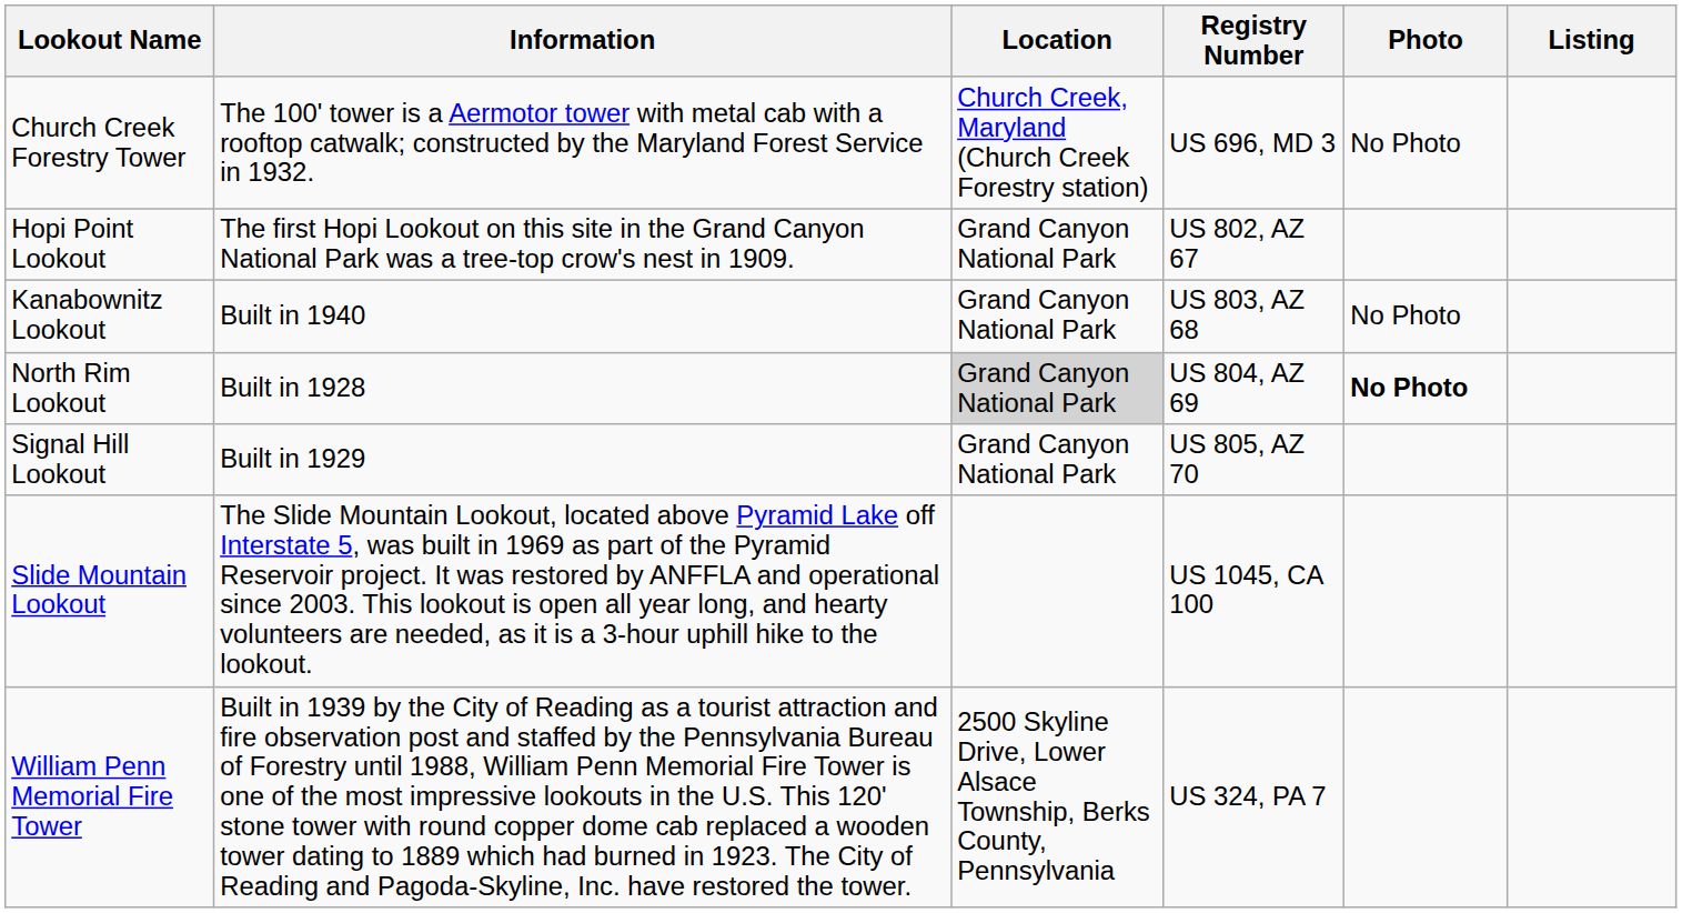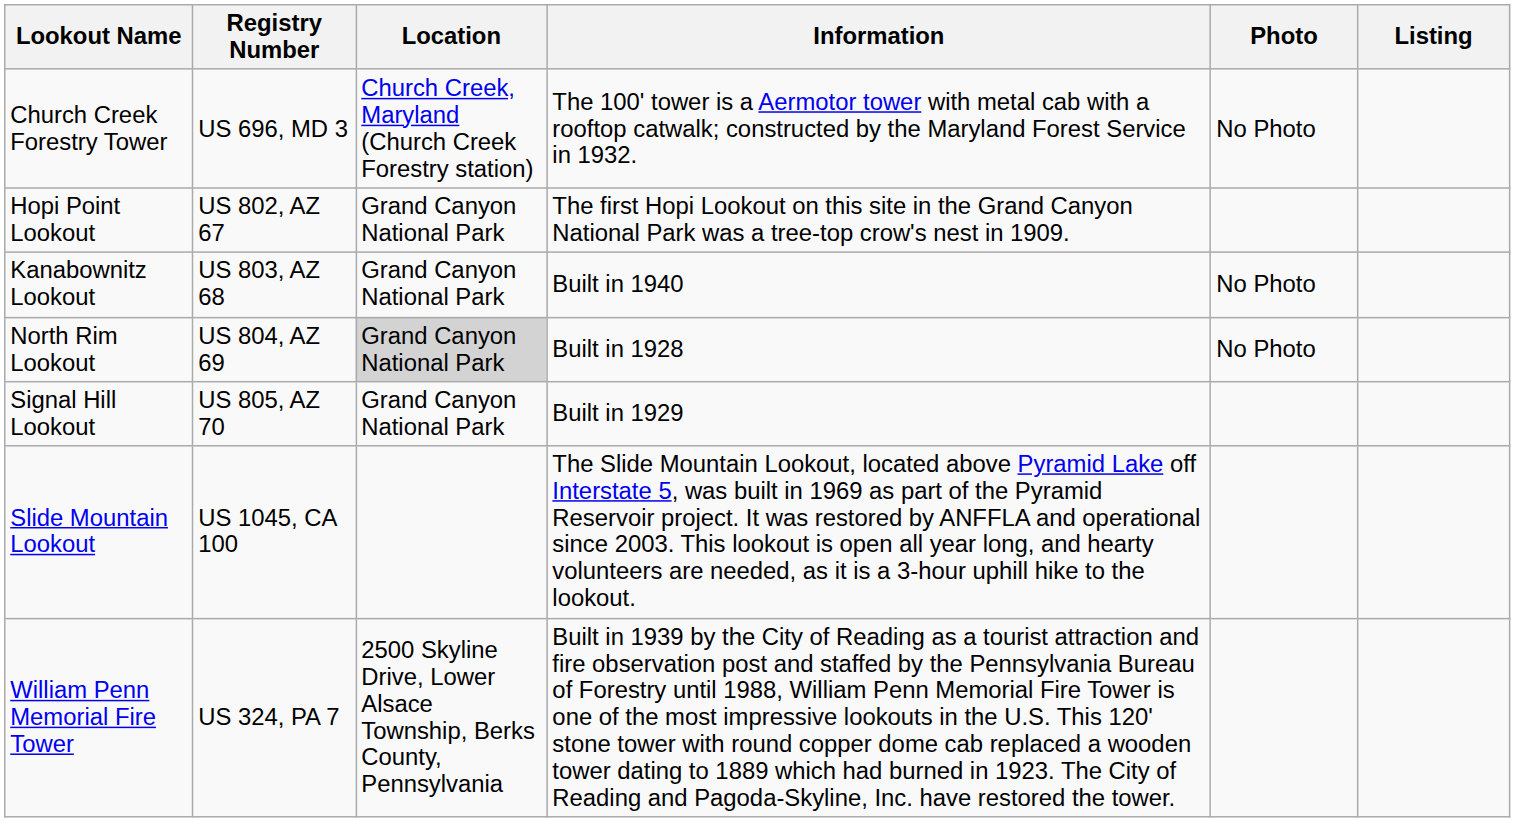 <table class="wikitable" style="width: 80%;">
 <tr>
 <th scope="col" style="width: 10em;">Lookout Name</th>
+<th scope="col" style="width: 10em;">Registry Number</th>
+<th scope="col" style="width: 10em;">Location</th>
 <th scope="col" style="width: 60em;">Information</th>
-<th scope="col" style="width: 10em;">Location</th>
-<th scope="col" style="width: 10em;">Registry Number</th>
 <th scope="col" style="width: 10em;">Photo</th>
 <th scope="col" style="width: 10em;">Listing</th>
 </tr>
 <tr>
 <td>Church Creek Forestry Tower</td>
+<td>US 696, MD 3</td>
+<td><a href='#'>Church Creek, Maryland</a> (Church Creek Forestry station)</td>
 <td>The 100' tower is a  <a href='#'>Aermotor tower</a> with  metal cab with a rooftop catwalk;  constructed by the Maryland Forest Service in 1932.</td>
-<td><a href='#'>Church Creek, Maryland</a> (Church Creek Forestry station)</td>
-<td>US 696, MD 3</td>
 <td>No Photo</td>
 <td></td>
 </tr>
 <tr>
 <td>Hopi Point Lookout</td>
+<td>US 802, AZ 67</td>
+<td>Grand Canyon National Park <br></td>
 <td>The first Hopi Lookout on this site in the Grand Canyon National Park was a tree-top crow's nest in 1909.</td>
-<td>Grand Canyon National Park <br></td>
-<td>US 802, AZ 67</td>
 <td></td>
 <td></td>
 </tr>
 <tr>
 <td>Kanabownitz Lookout</td>
+<td>US 803, AZ 68</td>
+<td>Grand Canyon National Park <br></td>
 <td>Built in 1940</td>
-<td>Grand Canyon National Park <br></td>
-<td>US 803, AZ 68</td>
 <td>No Photo</td>
 <td></td>
 </tr>
 <tr>
 <td>North Rim Lookout</td>
+<td>US 804, AZ 69</td>
+<td style="background: lightgrey;">Grand Canyon National Park <br></td>
 <td>Built in 1928</td>
-<td style="background: lightgrey;">Grand Canyon National Park <br></td>
-<td>US 804, AZ 69</td>
-<td><strong>No Photo</strong></td>
+<td>No Photo</td>
 <td></td>
 </tr>
 <tr>
 <td>Signal Hill Lookout</td>
+<td>US 805, AZ 70</td>
+<td>Grand Canyon National Park <br></td>
 <td>Built in 1929</td>
-<td>Grand Canyon National Park <br></td>
-<td>US 805, AZ 70</td>
 <td></td>
 <td></td>
 </tr>
 <tr>
 <td><a href='#'>Slide Mountain Lookout</a></td>
+<td>US 1045, CA 100</td>
+<td></td>
 <td>The Slide Mountain Lookout, located above <a href='#'>Pyramid Lake</a> off <a href='#'>Interstate 5</a>, was built in 1969 as part of the Pyramid Reservoir project. It was restored by ANFFLA and operational since 2003. This lookout is open all year long, and hearty volunteers are needed, as it is a 3-hour uphill hike to the lookout.</td>
-<td></td>
-<td>US 1045, CA 100</td>
 <td><br></td>
 <td></td>
 </tr>
 <tr>
 <td><a href='#'>William Penn Memorial Fire Tower</a></td>
+<td>US 324, PA 7</td>
+<td>2500 Skyline Drive, Lower Alsace Township, Berks County, Pennsylvania</td>
 <td>Built in 1939 by the City of Reading as a tourist attraction and fire observation post and staffed by the Pennsylvania Bureau of Forestry until 1988, William Penn Memorial Fire Tower is one of the most impressive lookouts in the U.S. This 120' stone tower with round copper dome cab replaced a wooden tower dating to 1889 which had burned in 1923. The City of Reading and Pagoda-Skyline, Inc. have restored the tower.</td>
-<td>2500 Skyline Drive, Lower Alsace Township, Berks County, Pennsylvania</td>
-<td>US 324, PA 7</td>
 <td></td>
 <td></td>
 </tr>
 </table>
